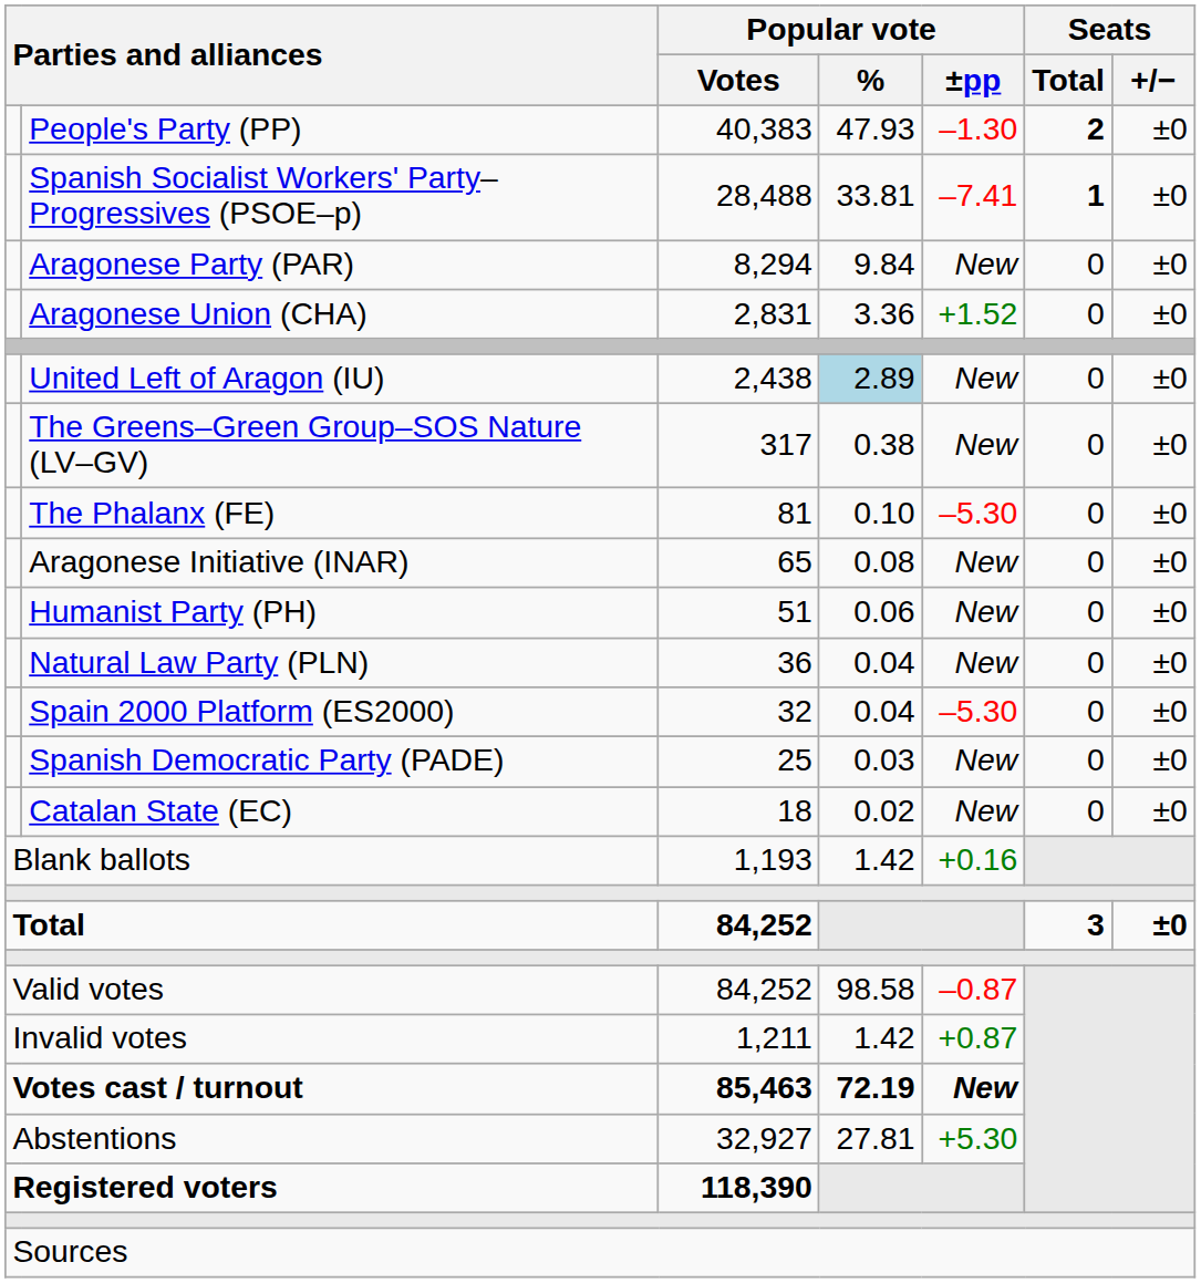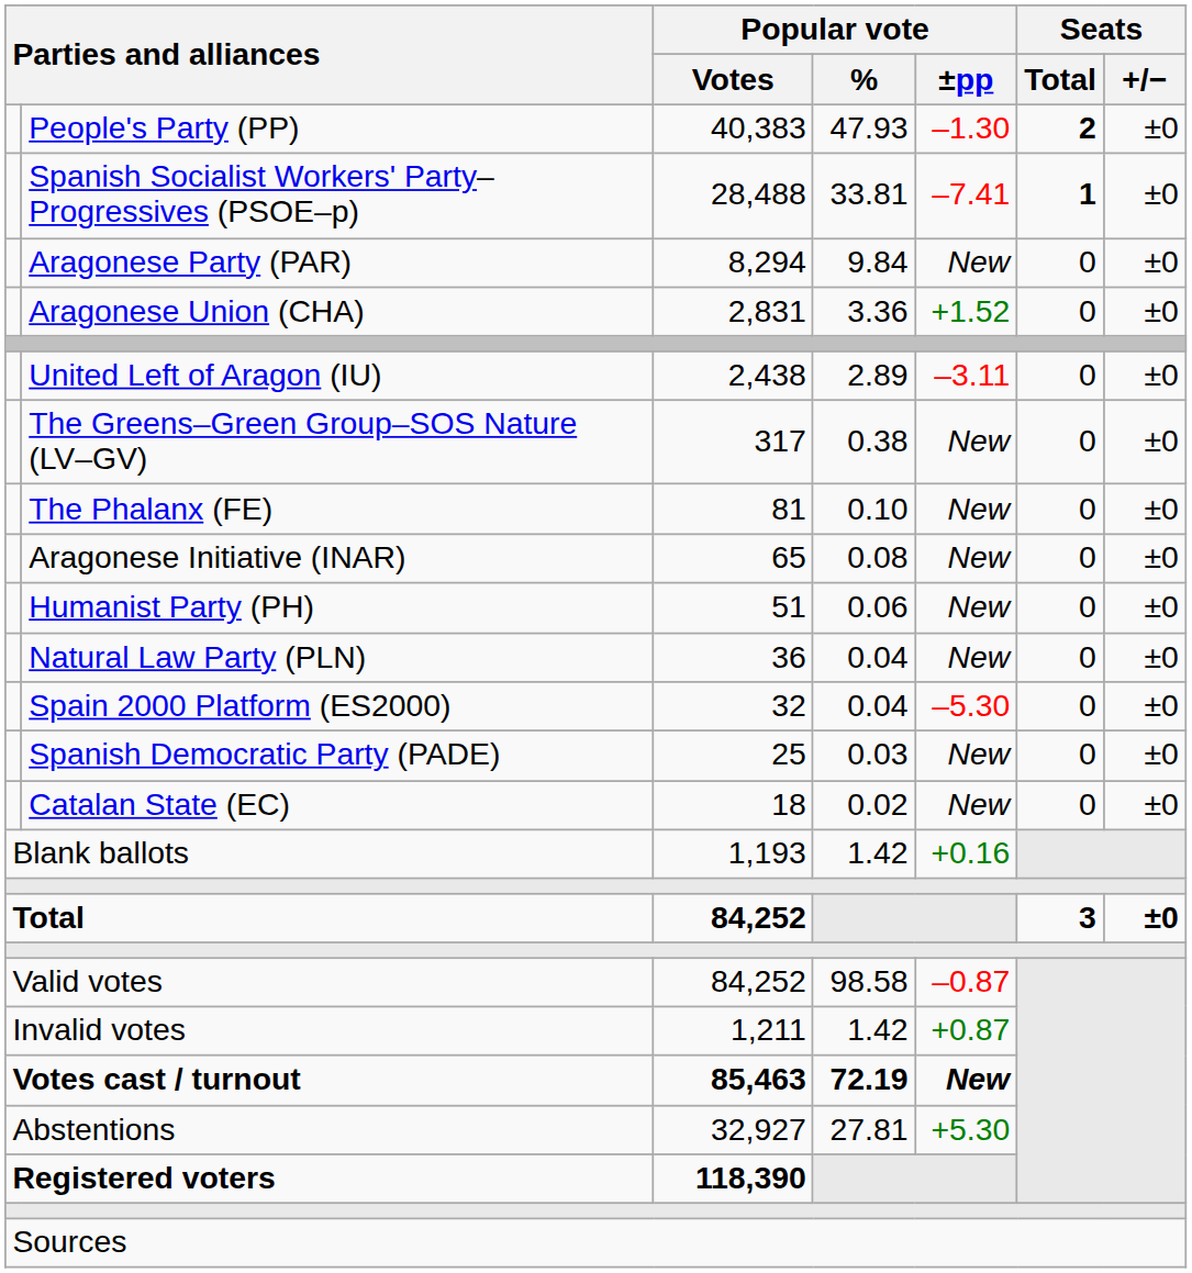 <table class="wikitable" style="text-align:right;">
 <tr>
 <th style="text-align:left;" rowspan="2" colspan="2" width="525">Parties and alliances</th>
 <th colspan="3">Popular vote</th>
 <th colspan="2">Seats</th>
 </tr>
 <tr>
 <th width="75">Votes</th>
 <th width="45">%</th>
 <th width="45">±<a href='#'>pp</a></th>
 <th width="35">Total</th>
 <th width="35">+/−</th>
 </tr>
 <tr>
 <td width="1" style="color:inherit;background:"></td>
 <td align="left"><a href='#'>People's Party</a> (PP)</td>
 <td>40,383</td>
 <td>47.93</td>
 <td style="color:red;">–1.30</td>
 <td><strong>2</strong></td>
 <td>±0</td>
 </tr>
 <tr>
 <td style="color:inherit;background:"></td>
 <td align="left"><a href='#'>Spanish Socialist Workers' Party</a>–<a href='#'>Progressives</a> (PSOE–p)</td>
 <td>28,488</td>
 <td>33.81</td>
 <td style="color:red;">–7.41</td>
 <td><strong>1</strong></td>
 <td>±0</td>
 </tr>
 <tr>
 <td style="color:inherit;background:"></td>
 <td align="left"><a href='#'>Aragonese Party</a> (PAR)</td>
 <td>8,294</td>
 <td>9.84</td>
 <td><em>New</em></td>
 <td>0</td>
 <td>±0</td>
 </tr>
 <tr>
 <td style="color:inherit;background:"></td>
 <td align="left"><a href='#'>Aragonese Union</a> (CHA)</td>
 <td>2,831</td>
 <td>3.36</td>
 <td style="color:green;">+1.52</td>
 <td>0</td>
 <td>±0</td>
 </tr>
 <tr>
 <td colspan="7" bgcolor="#C0C0C0"></td>
 </tr>
 <tr>
 <td style="color:inherit;background:"></td>
 <td align="left"><a href='#'>United Left of Aragon</a> (IU)</td>
 <td>2,438</td>
-<td style="background: lightblue;">2.89</td>
-<td><em>New</em></td>
+<td>2.89</td>
+<td style="color:red;">–3.11</td>
 <td>0</td>
 <td>±0</td>
 </tr>
 <tr>
 <td style="color:inherit;background:"></td>
 <td align="left"><a href='#'>The Greens–Green Group–SOS Nature</a> (LV–GV)</td>
 <td>317</td>
 <td>0.38</td>
 <td><em>New</em></td>
 <td>0</td>
 <td>±0</td>
 </tr>
 <tr>
 <td style="color:inherit;background:"></td>
 <td align="left"><a href='#'>The Phalanx</a> (FE)</td>
 <td>81</td>
 <td>0.10</td>
-<td style="color:red;">–5.30</td>
+<td><em>New</em></td>
 <td>0</td>
 <td>±0</td>
 </tr>
 <tr>
 <td style="color:inherit;background:"></td>
 <td align="left">Aragonese Initiative (INAR)</td>
 <td>65</td>
 <td>0.08</td>
 <td><em>New</em></td>
 <td>0</td>
 <td>±0</td>
 </tr>
 <tr>
 <td style="color:inherit;background:"></td>
 <td align="left"><a href='#'>Humanist Party</a> (PH)</td>
 <td>51</td>
 <td>0.06</td>
 <td><em>New</em></td>
 <td>0</td>
 <td>±0</td>
 </tr>
 <tr>
 <td style="color:inherit;background:"></td>
 <td align="left"><a href='#'>Natural Law Party</a> (PLN)</td>
 <td>36</td>
 <td>0.04</td>
 <td><em>New</em></td>
 <td>0</td>
 <td>±0</td>
 </tr>
 <tr>
 <td style="color:inherit;background:"></td>
 <td align="left"><a href='#'>Spain 2000 Platform</a> (ES2000)</td>
 <td>32</td>
 <td>0.04</td>
 <td style="color:red;">–5.30</td>
 <td>0</td>
 <td>±0</td>
 </tr>
 <tr>
 <td style="color:inherit;background:"></td>
 <td align="left"><a href='#'>Spanish Democratic Party</a> (PADE)</td>
 <td>25</td>
 <td>0.03</td>
 <td><em>New</em></td>
 <td>0</td>
 <td>±0</td>
 </tr>
 <tr>
 <td style="color:inherit;background:"></td>
 <td align="left"><a href='#'>Catalan State</a> (EC)</td>
 <td>18</td>
 <td>0.02</td>
 <td><em>New</em></td>
 <td>0</td>
 <td>±0</td>
 </tr>
 <tr>
 <td align="left" colspan="2">Blank ballots</td>
 <td>1,193</td>
 <td>1.42</td>
 <td style="color:green;">+0.16</td>
 <td bgcolor="#E9E9E9" colspan="2"></td>
 </tr>
 <tr>
 <td colspan="7" bgcolor="#E9E9E9"></td>
 </tr>
 <tr style="font-weight:bold;">
 <td align="left" colspan="2">Total</td>
 <td>84,252</td>
 <td bgcolor="#E9E9E9" colspan="2"></td>
 <td>3</td>
 <td>±0</td>
 </tr>
 <tr>
 <td colspan="7" bgcolor="#E9E9E9"></td>
 </tr>
 <tr>
 <td align="left" colspan="2">Valid votes</td>
 <td>84,252</td>
 <td>98.58</td>
 <td style="color:red;">–0.87</td>
 <td bgcolor="#E9E9E9" colspan="2" rowspan="5"></td>
 </tr>
 <tr>
 <td align="left" colspan="2">Invalid votes</td>
 <td>1,211</td>
 <td>1.42</td>
 <td style="color:green;">+0.87</td>
 </tr>
 <tr style="font-weight:bold;">
 <td align="left" colspan="2">Votes cast / turnout</td>
 <td>85,463</td>
 <td>72.19</td>
 <td><em>New</em></td>
 </tr>
 <tr>
 <td align="left" colspan="2">Abstentions</td>
 <td>32,927</td>
 <td>27.81</td>
 <td style="color:green;">+5.30</td>
 </tr>
 <tr style="font-weight:bold;">
 <td align="left" colspan="2">Registered voters</td>
 <td>118,390</td>
 <td bgcolor="#E9E9E9" colspan="2"></td>
 </tr>
 <tr>
 <td colspan="7" bgcolor="#E9E9E9"></td>
 </tr>
 <tr>
 <td align="left" colspan="7">Sources</td>
 </tr>
 </table>
